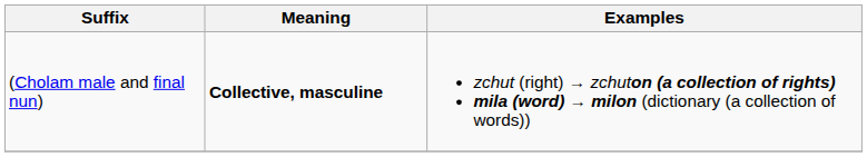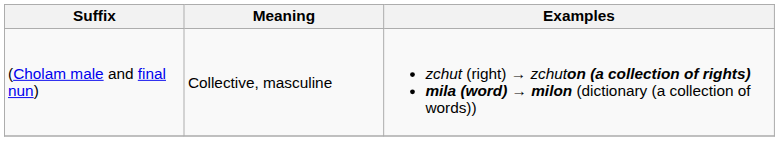 <table class="wikitable">
 <tr>
 <th width="180">Suffix</th>
 <th width="200">Meaning</th>
 <th width="400">Examples</th>
 </tr>
 <tr>
 <td> (<a href='#'>Cholam male</a> and <a href='#'>final nun</a>)</td>
-<td><strong>Collective, masculine</strong></td>
+<td>Collective, masculine</td>
 <td><br><ul><li> <em>zchut</em> (right) →   <em>zchut<strong>on<strong><em> (a collection of rights)</li><li> </em>mila<em> (word) →   </em>mil</strong>on</em></strong> (dictionary (a collection of words))</li></ul></td>
 </tr>
 <tr>
 </tr>
 </table>
